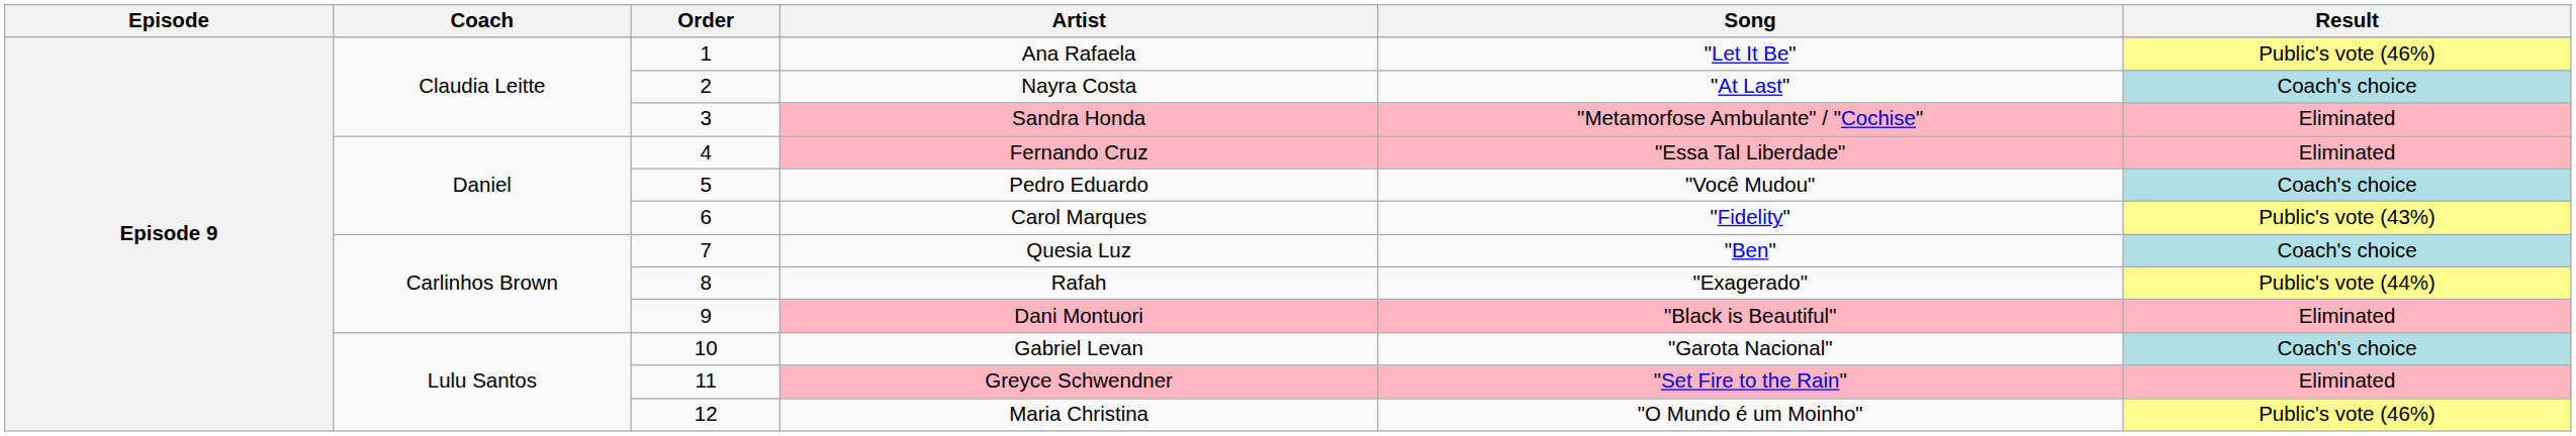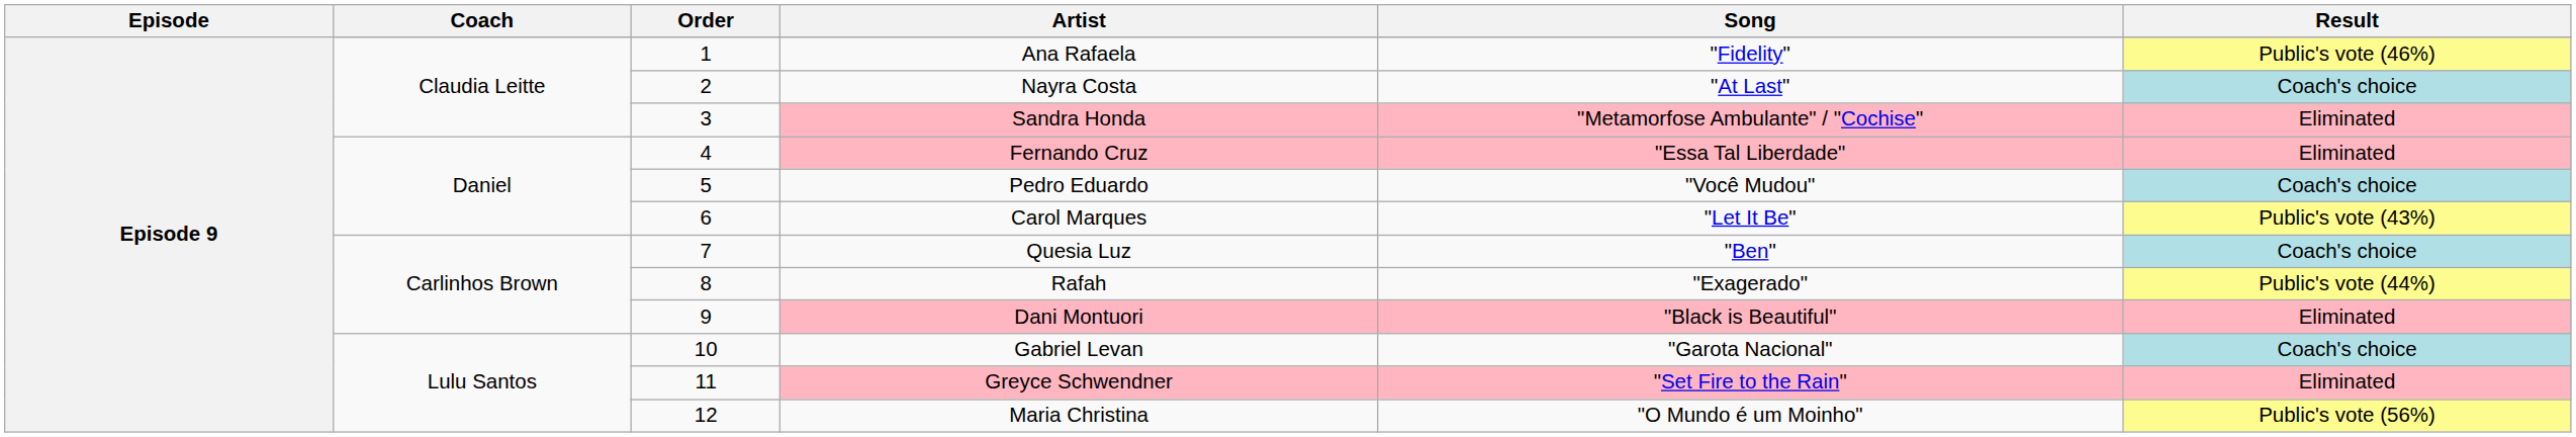 <table class="wikitable" style="text-align:center; width:100%;">
 <tr>
 <th scope="col" width="11%">Episode</th>
 <th scope="col" width="10%">Coach</th>
 <th scope="col" width="05%">Order</th>
 <th scope="col" width="20%">Artist</th>
 <th scope="col" width="25%">Song</th>
 <th scope="col" width="15%">Result</th>
 </tr>
 <tr>
 <th scope="col" rowspan="13">Episode 9<br></th>
 </tr>
 <tr>
 <td rowspan=3>Claudia Leitte</td>
 <td>1</td>
 <td>Ana Rafaela</td>
-<td>"<a href='#'>Let It Be</a>"</td>
+<td>"<a href='#'>Fidelity</a>"</td>
 <td bgcolor="FDFC8F">Public's vote (46%)</td>
 </tr>
 <tr>
 <td>2</td>
 <td>Nayra Costa</td>
 <td>"<a href='#'>At Last</a>"</td>
 <td bgcolor="B0E0E6">Coach's choice</td>
 </tr>
 <tr>
 <td>3</td>
 <td bgcolor="FFB6C1">Sandra Honda</td>
 <td bgcolor="FFB6C1">"Metamorfose Ambulante" / "<a href='#'>Cochise</a>"</td>
 <td bgcolor="FFB6C1">Eliminated</td>
 </tr>
 <tr>
 <td rowspan=3>Daniel</td>
 <td>4</td>
 <td bgcolor="FFB6C1">Fernando Cruz</td>
 <td bgcolor="FFB6C1">"Essa Tal Liberdade"</td>
 <td bgcolor="FFB6C1">Eliminated</td>
 </tr>
 <tr>
 <td>5</td>
 <td>Pedro Eduardo</td>
 <td>"Você Mudou"</td>
 <td bgcolor="B0E0E6">Coach's choice</td>
 </tr>
 <tr>
 <td>6</td>
 <td>Carol Marques</td>
-<td>"<a href='#'>Fidelity</a>"</td>
+<td>"<a href='#'>Let It Be</a>"</td>
 <td bgcolor="FDFC8F">Public's vote (43%)</td>
 </tr>
 <tr>
 <td rowspan=3>Carlinhos Brown</td>
 <td>7</td>
 <td>Quesia Luz</td>
 <td>"<a href='#'>Ben</a>"</td>
 <td bgcolor="B0E0E6">Coach's choice</td>
 </tr>
 <tr>
 <td>8</td>
 <td>Rafah</td>
 <td>"Exagerado"</td>
 <td bgcolor="FDFC8F">Public's vote (44%)</td>
 </tr>
 <tr>
 <td>9</td>
 <td bgcolor="FFB6C1">Dani Montuori</td>
 <td bgcolor="FFB6C1">"Black is Beautiful"</td>
 <td bgcolor="FFB6C1">Eliminated</td>
 </tr>
 <tr>
 <td rowspan=3>Lulu Santos</td>
 <td>10</td>
 <td>Gabriel Levan</td>
 <td>"Garota Nacional"</td>
 <td bgcolor="B0E0E6">Coach's choice</td>
 </tr>
 <tr>
 <td>11</td>
 <td bgcolor="FFB6C1">Greyce Schwendner</td>
 <td bgcolor="FFB6C1">"<a href='#'>Set Fire to the Rain</a>"</td>
 <td bgcolor="FFB6C1">Eliminated</td>
 </tr>
 <tr>
 <td>12</td>
 <td>Maria Christina</td>
 <td>"O Mundo é um Moinho"</td>
-<td bgcolor="FDFC8F">Public's vote (46%)</td>
+<td bgcolor="FDFC8F">Public's vote (56%)</td>
 </tr>
 </table>
